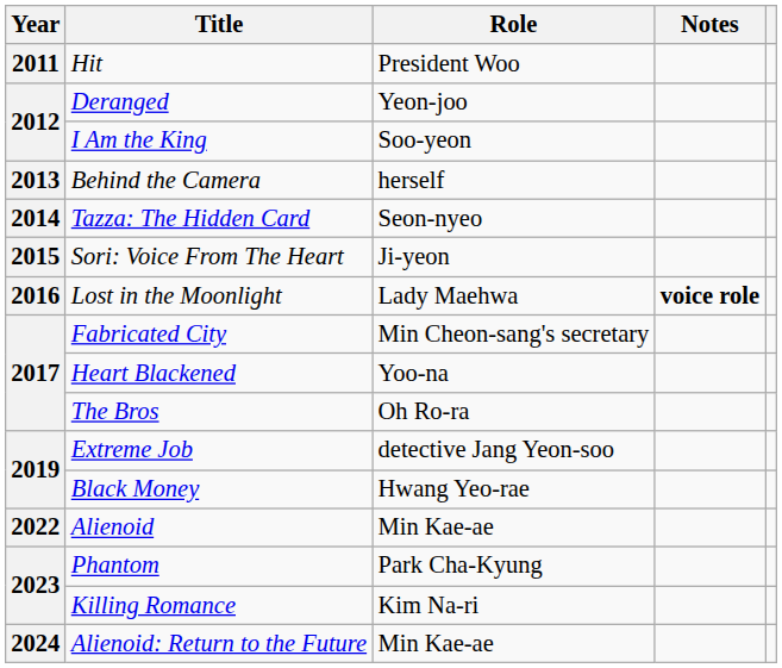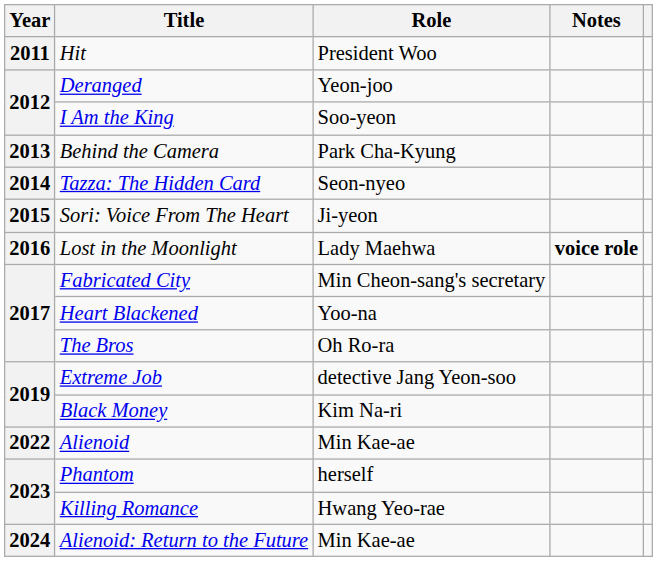 <table class="wikitable plainrowheaders sortable">
 <tr>
 <th scope="col">Year</th>
 <th scope="col">Title</th>
 <th scope="col">Role</th>
 <th scope="col">Notes</th>
 <th scope="col" class="unsortable"></th>
 </tr>
 <tr>
 <th scope="row">2011</th>
 <td><em>Hit</em></td>
 <td>President Woo</td>
 <td></td>
 <td style="text-align:center"></td>
 </tr>
 <tr>
 <th scope="row" rowspan="2">2012</th>
 <td><a href='#'><em>Deranged</em></a></td>
 <td>Yeon-joo</td>
 <td></td>
 <td style="text-align:center"></td>
 </tr>
 <tr>
 <td><em><a href='#'>I Am the King</a></em></td>
 <td>Soo-yeon</td>
 <td></td>
 <td style="text-align:center"></td>
 </tr>
 <tr>
 <th scope="row">2013</th>
 <td><em>Behind the Camera</em></td>
-<td>herself</td>
+<td>Park Cha-Kyung</td>
 <td></td>
 <td style="text-align:center"></td>
 </tr>
 <tr>
 <th scope="row">2014</th>
 <td><em><a href='#'>Tazza: The Hidden Card</a></em></td>
 <td>Seon-nyeo</td>
 <td></td>
 <td style="text-align:center"></td>
 </tr>
 <tr>
 <th scope="row">2015</th>
 <td><em>Sori: Voice From The Heart</em></td>
 <td>Ji-yeon</td>
 <td></td>
 <td style="text-align:center"></td>
 </tr>
 <tr>
 <th scope="row">2016</th>
 <td><em>Lost in the Moonlight</em></td>
 <td>Lady Maehwa</td>
 <td><strong>voice role</strong></td>
 <td style="text-align:center"></td>
 </tr>
 <tr>
 <th scope="row" rowspan="3">2017</th>
 <td><em><a href='#'>Fabricated City</a></em></td>
 <td>Min Cheon-sang's secretary</td>
 <td></td>
 <td style="text-align:center"></td>
 </tr>
 <tr>
 <td><em><a href='#'>Heart Blackened</a></em></td>
 <td>Yoo-na</td>
 <td></td>
 <td style="text-align:center"></td>
 </tr>
 <tr>
 <td><em><a href='#'>The Bros</a></em></td>
 <td>Oh Ro-ra</td>
 <td></td>
 <td style="text-align:center"></td>
 </tr>
 <tr>
 <th scope="row" rowspan="2">2019</th>
 <td><em><a href='#'>Extreme Job</a></em></td>
 <td>detective Jang Yeon-soo</td>
 <td></td>
 <td style="text-align:center"></td>
 </tr>
 <tr>
 <td><em><a href='#'>Black Money</a></em></td>
-<td>Hwang Yeo-rae</td>
+<td>Kim Na-ri</td>
 <td></td>
 <td style="text-align:center"></td>
 </tr>
 <tr>
 <th scope="row">2022</th>
 <td><em><a href='#'>Alienoid</a></em></td>
 <td>Min Kae-ae</td>
 <td></td>
 <td style="text-align:center"></td>
 </tr>
 <tr>
 <th scope="row" rowspan="2">2023</th>
 <td><em><a href='#'>Phantom</a></em></td>
-<td>Park Cha-Kyung</td>
+<td>herself</td>
 <td></td>
 <td style="text-align:center"></td>
 </tr>
 <tr>
 <td><em><a href='#'>Killing Romance</a></em></td>
-<td>Kim Na-ri</td>
+<td>Hwang Yeo-rae</td>
 <td></td>
 <td style="text-align:center"></td>
 </tr>
 <tr>
 <th scope="row">2024</th>
 <td><em><a href='#'>Alienoid: Return to the Future</a></em></td>
 <td>Min Kae-ae</td>
 <td></td>
 <td style="text-align:center"></td>
 </tr>
 </table>
